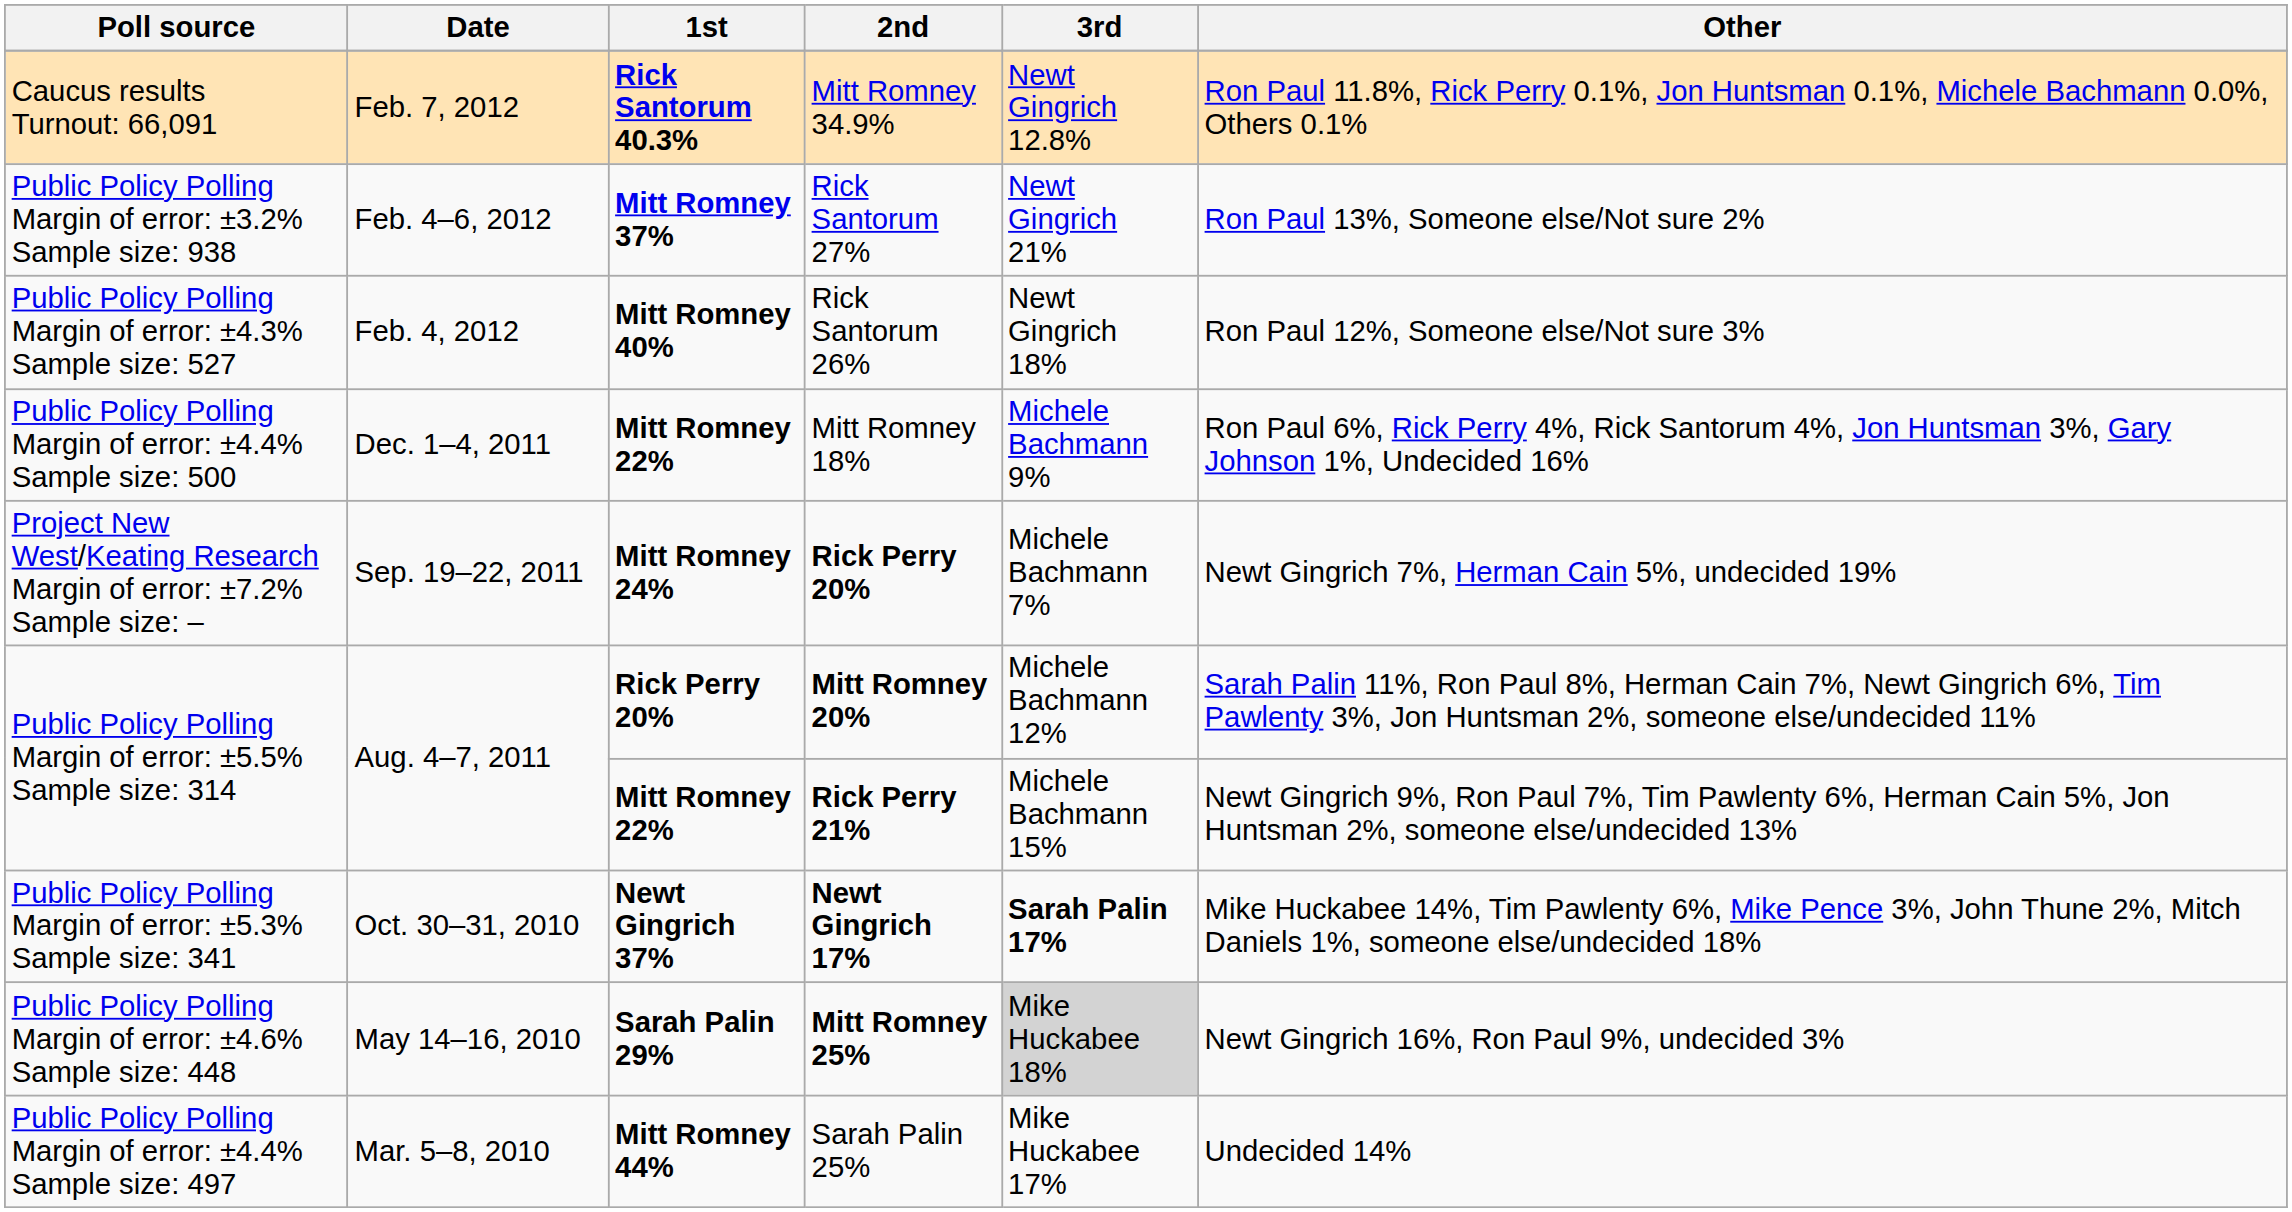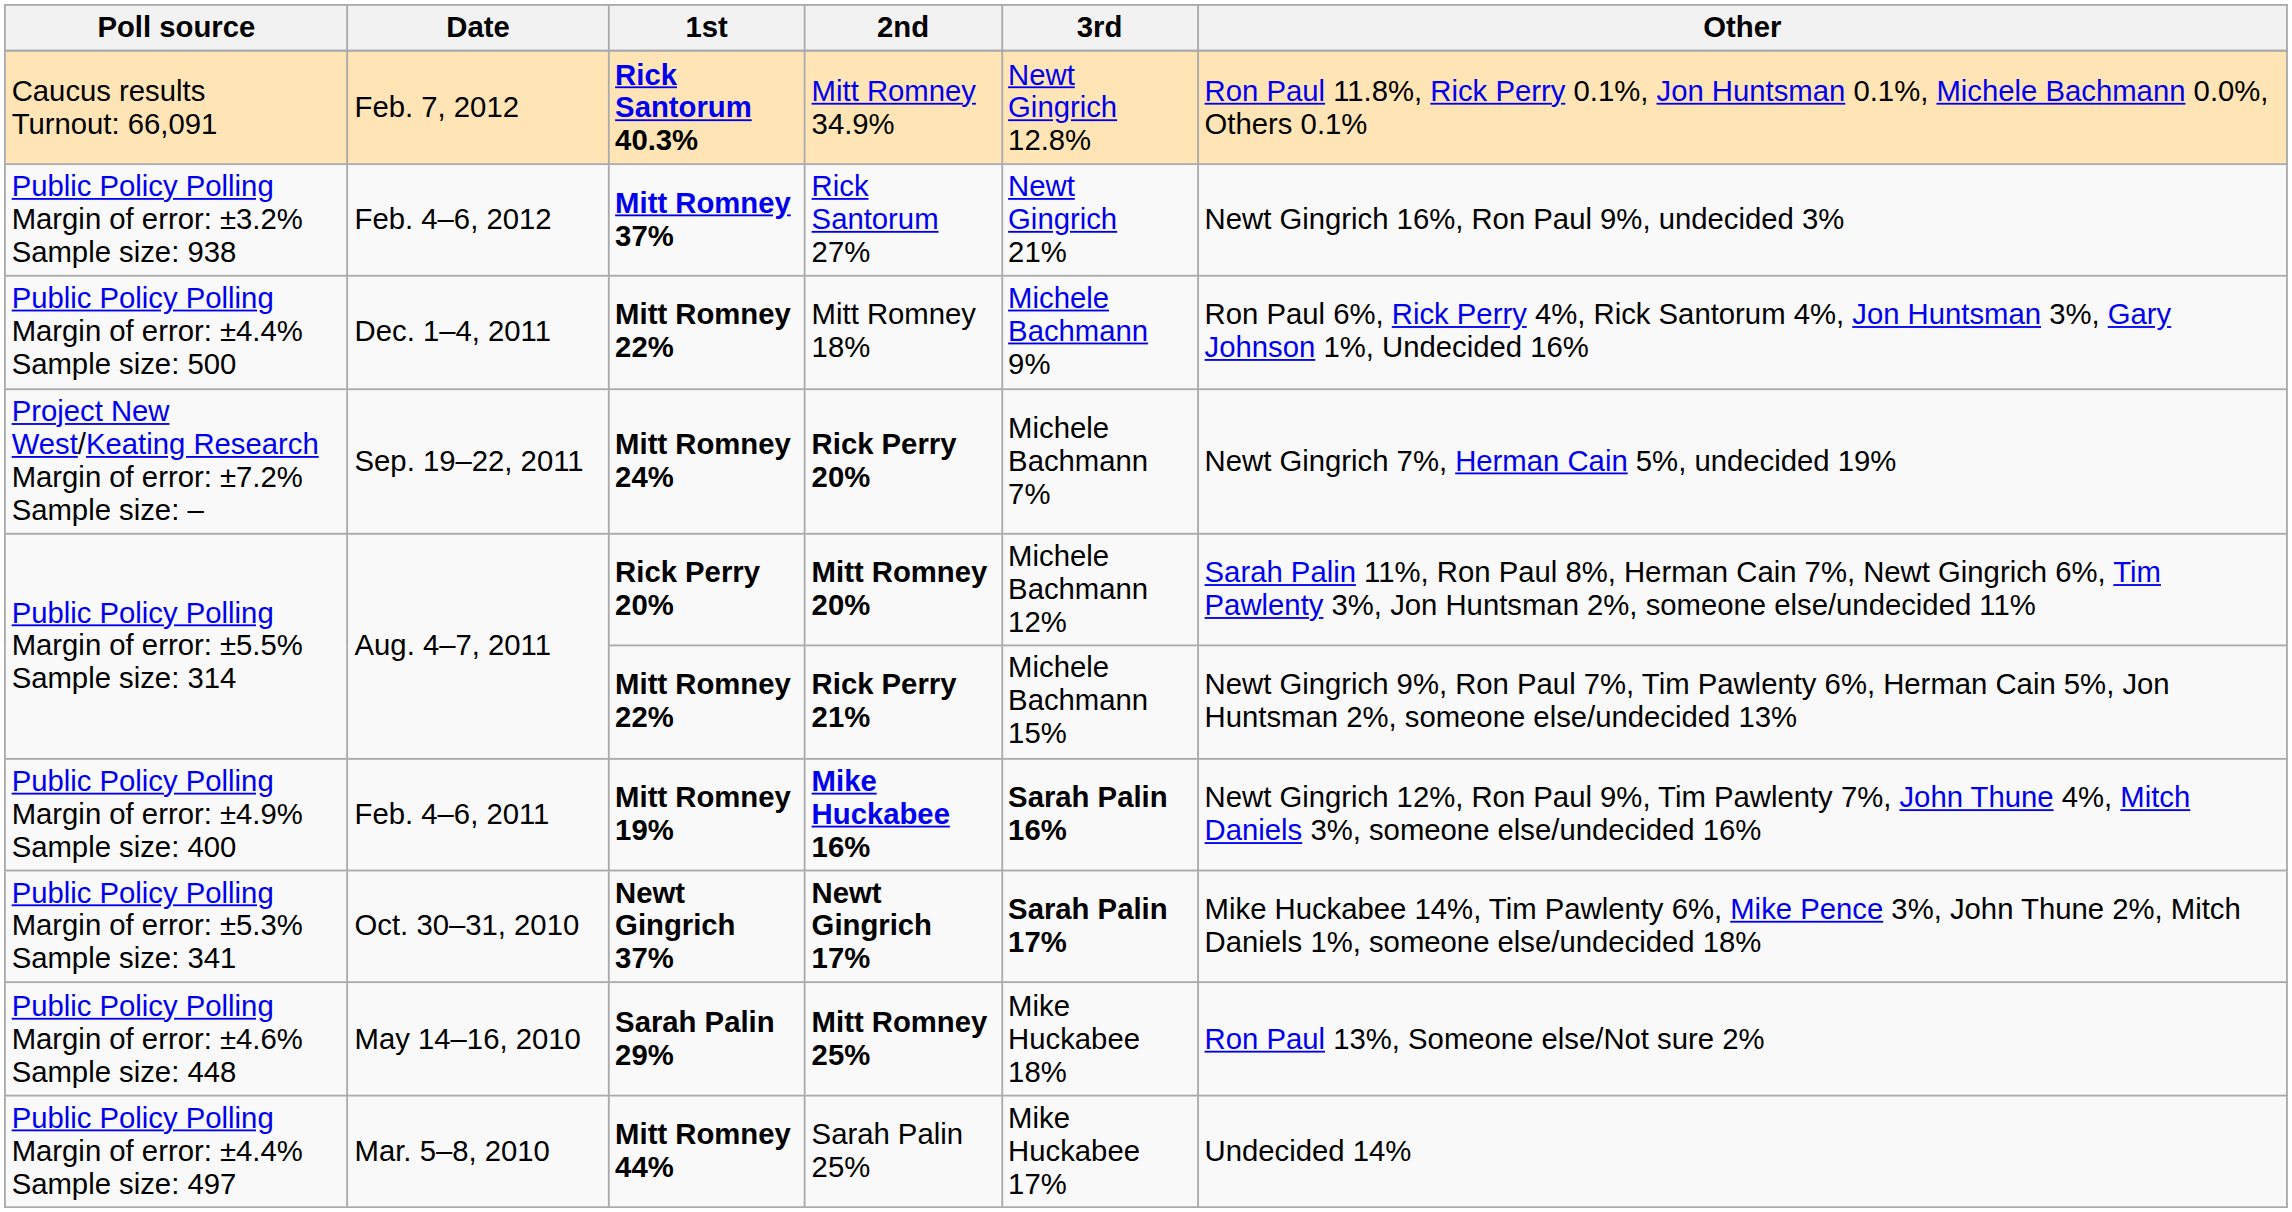 <table class="wikitable">
 <tr>
 <th style="width:180px;">Poll source</th>
 <th style="width:135px;">Date</th>
 <th style="width:100px;">1st</th>
 <th style="width:100px;">2nd</th>
 <th style="width:100px;">3rd</th>
 <th>Other</th>
 </tr>
 <tr>
 </tr>
 <tr style="background:Moccasin;">
 <td>Caucus results<br>Turnout: 66,091</td>
 <td>Feb. 7, 2012</td>
 <td><strong><a href='#'>Rick Santorum</a> 40.3% </strong></td>
 <td><a href='#'>Mitt Romney</a><br>34.9%</td>
 <td><a href='#'>Newt Gingrich</a><br>12.8%</td>
 <td><a href='#'>Ron Paul</a> 11.8%, <a href='#'>Rick Perry</a> 0.1%, <a href='#'>Jon Huntsman</a> 0.1%, <a href='#'>Michele Bachmann</a> 0.0%, Others 0.1%</td>
 </tr>
 <tr>
 <td><a href='#'>Public Policy Polling</a><br>Margin of error: ±3.2% Sample size: 938</td>
 <td>Feb. 4–6, 2012</td>
 <td><strong><a href='#'>Mitt Romney</a><br>37%</strong></td>
 <td><a href='#'>Rick Santorum</a><br>27%</td>
 <td><a href='#'>Newt Gingrich</a><br>21%</td>
-<td><a href='#'>Ron Paul</a> 13%, Someone else/Not sure 2%</td>
-</tr>
-<tr>
-<td><a href='#'>Public Policy Polling</a><br>Margin of error: ±4.3% Sample size: 527</td>
-<td>Feb. 4, 2012</td>
-<td><strong>Mitt Romney<br>40%</strong></td>
-<td>Rick Santorum<br>26%</td>
-<td>Newt Gingrich<br>18%</td>
-<td>Ron Paul 12%, Someone else/Not sure 3%</td>
+<td>Newt Gingrich 16%, Ron Paul 9%, undecided 3%</td>
 </tr>
 <tr>
 <td><a href='#'>Public Policy Polling</a><br>Margin of error: ±4.4% Sample size: 500</td>
 <td>Dec. 1–4, 2011</td>
 <td><strong>Mitt Romney<br>22%</strong></td>
 <td>Mitt Romney<br>18%</td>
 <td><a href='#'>Michele Bachmann</a><br>9%</td>
 <td>Ron Paul 6%, <a href='#'>Rick Perry</a> 4%, Rick Santorum 4%, <a href='#'>Jon Huntsman</a> 3%, <a href='#'>Gary Johnson</a> 1%, Undecided 16%</td>
 </tr>
 <tr>
 <td><a href='#'>Project New West</a>/<a href='#'>Keating Research</a><br>Margin of error: ±7.2% Sample size: –</td>
 <td>Sep. 19–22, 2011</td>
 <td><strong>Mitt Romney<br>24%</strong></td>
 <td><strong>Rick Perry<br>20%</strong></td>
 <td>Michele Bachmann<br>7%</td>
 <td>Newt Gingrich 7%, <a href='#'>Herman Cain</a> 5%, undecided 19%</td>
 </tr>
 <tr>
 <td rowspan="2"><a href='#'>Public Policy Polling</a><br>Margin of error: ±5.5% Sample size: 314</td>
 <td rowspan="2">Aug. 4–7, 2011</td>
 <td><strong>Rick Perry<br>20%</strong></td>
 <td><strong>Mitt Romney<br>20%</strong></td>
 <td>Michele Bachmann<br>12%</td>
 <td><a href='#'>Sarah Palin</a> 11%, Ron Paul 8%, Herman Cain 7%, Newt Gingrich 6%, <a href='#'>Tim Pawlenty</a> 3%, Jon Huntsman 2%, someone else/undecided 11%</td>
 </tr>
 <tr>
 <td><strong>Mitt Romney<br>22%</strong></td>
 <td><strong>Rick Perry<br>21%</strong></td>
 <td>Michele Bachmann<br>15%</td>
 <td>Newt Gingrich 9%, Ron Paul 7%, Tim Pawlenty 6%, Herman Cain 5%, Jon Huntsman 2%, someone else/undecided 13%</td>
 </tr>
 <tr>
+<td><a href='#'>Public Policy Polling</a><br>Margin of error: ±4.9% Sample size: 400</td>
+<td>Feb. 4–6, 2011</td>
+<td><strong>Mitt Romney<br>19%</strong></td>
+<td><strong><a href='#'>Mike Huckabee</a><br>16%</strong></td>
+<td><strong>Sarah Palin<br>16%</strong></td>
+<td>Newt Gingrich 12%, Ron Paul 9%, Tim Pawlenty 7%, <a href='#'>John Thune</a> 4%, <a href='#'>Mitch Daniels</a> 3%, someone else/undecided 16%</td>
+</tr>
+<tr>
 <td><a href='#'>Public Policy Polling</a><br>Margin of error: ±5.3% Sample size: 341</td>
 <td>Oct. 30–31, 2010</td>
 <td><strong>Newt Gingrich<br>37%</strong></td>
 <td><strong>Newt Gingrich<br>17%</strong></td>
 <td><strong>Sarah Palin<br>17%</strong></td>
 <td>Mike Huckabee 14%, Tim Pawlenty 6%, <a href='#'>Mike Pence</a> 3%, John Thune 2%, Mitch Daniels 1%, someone else/undecided 18%</td>
 </tr>
 <tr>
 <td><a href='#'>Public Policy Polling</a><br>Margin of error: ±4.6% Sample size: 448</td>
 <td>May 14–16, 2010</td>
 <td><strong>Sarah Palin<br>29%</strong></td>
 <td><strong>Mitt Romney<br>25%</strong></td>
-<td style="background: lightgrey;">Mike Huckabee<br>18%</td>
-<td>Newt Gingrich 16%, Ron Paul 9%, undecided 3%</td>
+<td>Mike Huckabee<br>18%</td>
+<td><a href='#'>Ron Paul</a> 13%, Someone else/Not sure 2%</td>
 </tr>
 <tr>
 <td><a href='#'>Public Policy Polling</a><br>Margin of error: ±4.4% Sample size: 497</td>
 <td>Mar. 5–8, 2010</td>
 <td><strong>Mitt Romney<br>44%</strong></td>
 <td>Sarah Palin<br>25%</td>
 <td>Mike Huckabee<br>17%</td>
 <td>Undecided 14%</td>
 </tr>
 </table>
